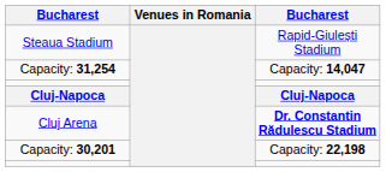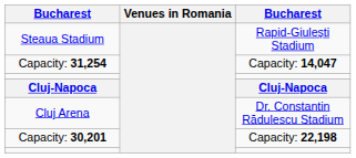 <table class="wikitable" style="text-align: center;">
 <tr>
 <th><a href='#'>Bucharest</a></th>
 <th>Venues in Romania</th>
 <th><a href='#'>Bucharest</a></th>
 </tr>
 <tr>
 <td width=150px><a href='#'>Steaua Stadium</a></td>
 <th rowspan="7" width="150px"></th>
 <td width="150px"><a href='#'>Rapid-Giulești Stadium</a></td>
 </tr>
 <tr>
 <td>Capacity: <strong>31,254</strong></td>
 <td>Capacity: <strong>14,047</strong></td>
 </tr>
 <tr>
 <td></td>
 <td></td>
 </tr>
 <tr>
 <th><a href='#'>Cluj-Napoca</a></th>
 <th><a href='#'>Cluj-Napoca</a></th>
 </tr>
 <tr>
 <td><a href='#'>Cluj Arena</a></td>
-<td><strong><a href='#'>Dr. Constantin Rădulescu Stadium</a></strong></td>
+<td><a href='#'>Dr. Constantin Rădulescu Stadium</a></td>
 </tr>
 <tr>
 <td>Capacity: <strong>30,201</strong></td>
 <td>Capacity: <strong>22,198</strong></td>
 </tr>
 <tr>
 <td></td>
 <td></td>
 </tr>
 </table>
